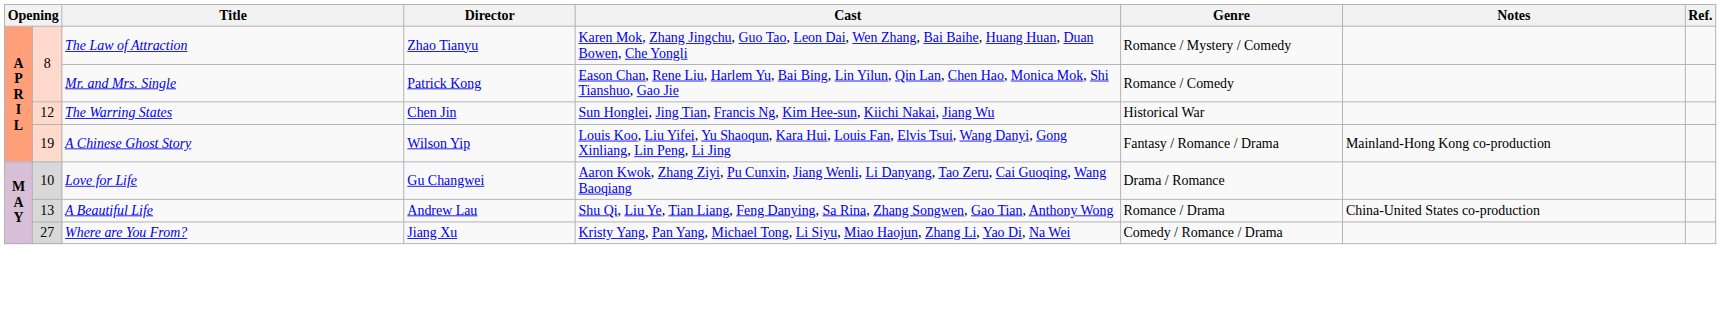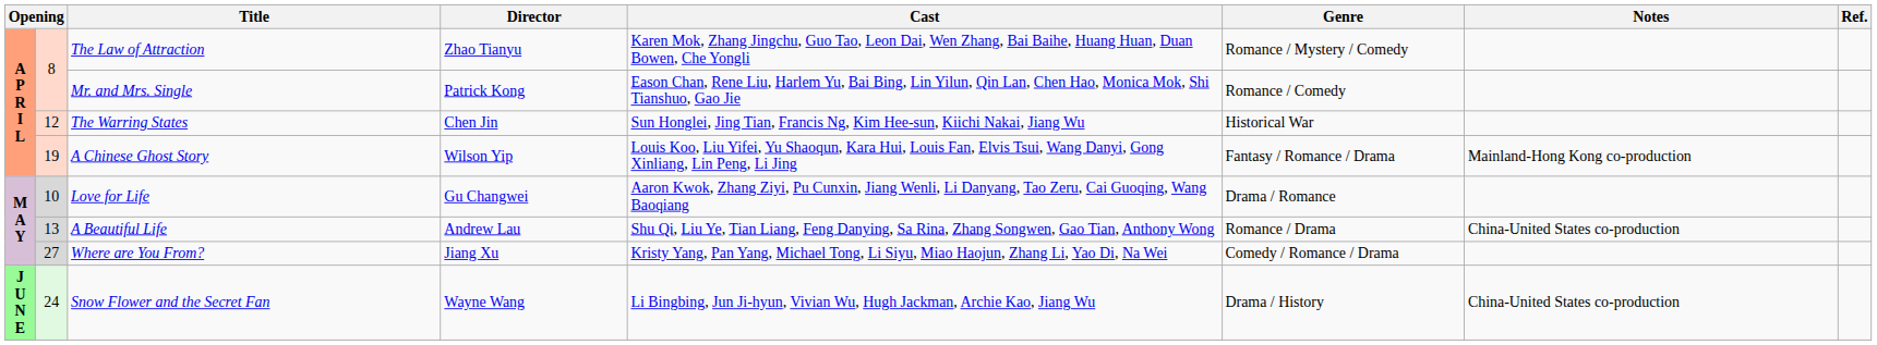 <table class="wikitable">
 <tr>
 <th colspan="2">Opening</th>
 <th style="width:20%;">Title</th>
 <th style="width:10%;">Director</th>
 <th>Cast</th>
 <th style="width:13%">Genre</th>
 <th style="width:20%">Notes</th>
 <th>Ref.</th>
 </tr>
 <tr>
 <th rowspan=4 style="text-align:center; background:#ffa07a; textcolor:#000;">A<br>P<br>R<br>I<br>L</th>
 <td rowspan=2 style="text-align:center; background:#ffdacc; textcolor:#000;">8</td>
 <td><em><a href='#'>The Law of Attraction</a></em></td>
 <td><a href='#'>Zhao Tianyu</a></td>
 <td><a href='#'>Karen Mok</a>, <a href='#'>Zhang Jingchu</a>, <a href='#'>Guo Tao</a>, <a href='#'>Leon Dai</a>, <a href='#'>Wen Zhang</a>, <a href='#'>Bai Baihe</a>, <a href='#'>Huang Huan</a>, <a href='#'>Duan Bowen</a>, <a href='#'>Che Yongli</a></td>
 <td>Romance / Mystery / Comedy</td>
 <td></td>
 <td style="text-align:center;"></td>
 </tr>
 <tr>
 <td><em><a href='#'>Mr. and Mrs. Single</a></em></td>
 <td><a href='#'>Patrick Kong</a></td>
 <td><a href='#'>Eason Chan</a>, <a href='#'>Rene Liu</a>, <a href='#'>Harlem Yu</a>, <a href='#'>Bai Bing</a>, <a href='#'>Lin Yilun</a>, <a href='#'>Qin Lan</a>, <a href='#'>Chen Hao</a>, <a href='#'>Monica Mok</a>, <a href='#'>Shi Tianshuo</a>, <a href='#'>Gao Jie</a></td>
 <td>Romance / Comedy</td>
 <td></td>
 <td style="text-align:center;"></td>
 </tr>
 <tr>
 <td rowspan=1 style="text-align:center; background:#ffdacc; textcolor:#000;">12</td>
 <td><em><a href='#'>The Warring States</a></em></td>
 <td><a href='#'>Chen Jin</a></td>
 <td><a href='#'>Sun Honglei</a>, <a href='#'>Jing Tian</a>, <a href='#'>Francis Ng</a>, <a href='#'>Kim Hee-sun</a>, <a href='#'>Kiichi Nakai</a>, <a href='#'>Jiang Wu</a></td>
 <td>Historical War</td>
 <td></td>
 <td style="text-align:center;"></td>
 </tr>
 <tr>
 <td rowspan=1 style="text-align:center; background:#ffdacc; textcolor:#000;">19</td>
 <td><em><a href='#'>A Chinese Ghost Story</a></em></td>
 <td><a href='#'>Wilson Yip</a></td>
 <td><a href='#'>Louis Koo</a>, <a href='#'>Liu Yifei</a>, <a href='#'>Yu Shaoqun</a>, <a href='#'>Kara Hui</a>, <a href='#'>Louis Fan</a>, <a href='#'>Elvis Tsui</a>, <a href='#'>Wang Danyi</a>, <a href='#'>Gong Xinliang</a>, <a href='#'>Lin Peng</a>, <a href='#'>Li Jing</a></td>
 <td>Fantasy / Romance / Drama</td>
 <td>Mainland-Hong Kong co-production</td>
 <td style="text-align:center;"></td>
 </tr>
 <tr>
 <th rowspan=3 style="text-align:center; background:thistle; textcolor:#000;">M<br>A<br>Y</th>
 <td rowspan=1 style="text-align:center; background:#d8d8d8; textcolor:#000;">10</td>
 <td><em><a href='#'>Love for Life</a></em></td>
 <td><a href='#'>Gu Changwei</a></td>
 <td><a href='#'>Aaron Kwok</a>, <a href='#'>Zhang Ziyi</a>, <a href='#'>Pu Cunxin</a>, <a href='#'>Jiang Wenli</a>, <a href='#'>Li Danyang</a>, <a href='#'>Tao Zeru</a>, <a href='#'>Cai Guoqing</a>, <a href='#'>Wang Baoqiang</a></td>
 <td>Drama / Romance</td>
 <td></td>
 <td style="text-align:center;"></td>
 </tr>
 <tr>
 <td rowspan=1 style="text-align:center; background:#d8d8d8; textcolor:#000;">13</td>
 <td><em><a href='#'>A Beautiful Life</a></em></td>
 <td><a href='#'>Andrew Lau</a></td>
 <td><a href='#'>Shu Qi</a>, <a href='#'>Liu Ye</a>, <a href='#'>Tian Liang</a>, <a href='#'>Feng Danying</a>, <a href='#'>Sa Rina</a>, <a href='#'>Zhang Songwen</a>, <a href='#'>Gao Tian</a>, <a href='#'>Anthony Wong</a></td>
 <td>Romance / Drama</td>
 <td>China-United States co-production</td>
 <td style="text-align:center;"></td>
 </tr>
 <tr>
 <td rowspan=1 style="text-align:center; background:#d8d8d8; textcolor:#000;">27</td>
 <td><em><a href='#'>Where are You From?</a></em></td>
 <td><a href='#'>Jiang Xu</a></td>
 <td><a href='#'>Kristy Yang</a>, <a href='#'>Pan Yang</a>, <a href='#'>Michael Tong</a>, <a href='#'>Li Siyu</a>, <a href='#'>Miao Haojun</a>, <a href='#'>Zhang Li</a>, <a href='#'>Yao Di</a>, <a href='#'>Na Wei</a></td>
 <td>Comedy / Romance / Drama</td>
 <td></td>
 <td style="text-align:center;"></td>
 </tr>
+<tr>
+<th rowspan=1 style="text-align:center; background:#98fb98; textcolor:#000;">J<br>U<br>N<br>E</th>
+<td rowspan=1 style="text-align:center; background:#e0f9e0;">24</td>
+<td><em><a href='#'>Snow Flower and the Secret Fan</a></em></td>
+<td><a href='#'>Wayne Wang</a></td>
+<td><a href='#'>Li Bingbing</a>, <a href='#'>Jun Ji-hyun</a>, <a href='#'>Vivian Wu</a>, <a href='#'>Hugh Jackman</a>, <a href='#'>Archie Kao</a>, <a href='#'>Jiang Wu</a></td>
+<td>Drama / History</td>
+<td>China-United States co-production</td>
+<td style="text-align:center;"></td>
+</tr>
 </table>
